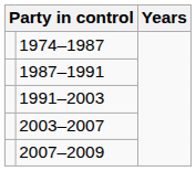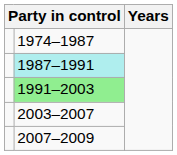 <table class="wikitable">
 <tr>
 <th colspan="2">Party in control</th>
 <th>Years</th>
 </tr>
 <tr>
 <td></td>
 <td>1974–1987</td>
 </tr>
 <tr>
 <td></td>
-<td>1987–1991</td>
+<td style="background: paleturquoise;">1987–1991</td>
 </tr>
 <tr>
 <td></td>
-<td>1991–2003</td>
+<td style="background: lightgreen;">1991–2003</td>
 </tr>
 <tr>
 <td></td>
 <td>2003–2007</td>
 </tr>
 <tr>
 <td></td>
 <td>2007–2009</td>
 </tr>
 </table>
